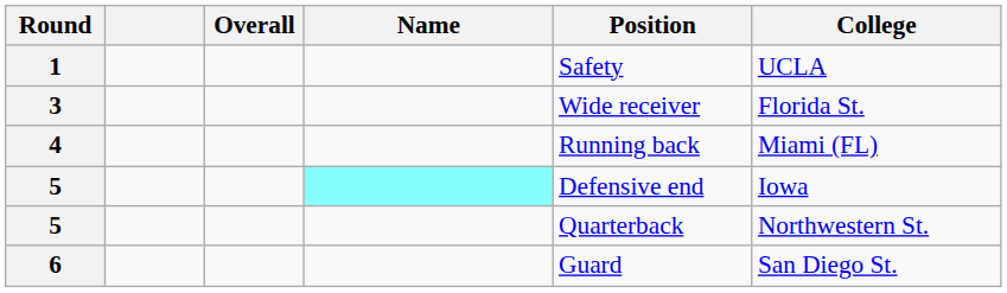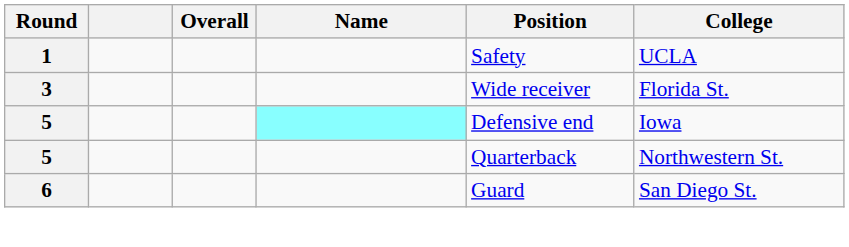 <table class="wikitable sortable" style="width: 50%;">
 <tr>
 <th scope="col" style="width: 10%;">Round</th>
 <th scope="col" style="width: 10%;"></th>
 <th scope="col" style="width: 10%;">Overall</th>
 <th scope="col" style="width: 25%;">Name</th>
 <th scope="col" style="width: 20%;">Position</th>
 <th scope="col" style="width: 25%;">College</th>
 </tr>
 <tr>
 <th scope="row">1</th>
 <td></td>
 <td></td>
 <td></td>
 <td><a href='#'>Safety</a></td>
 <td><a href='#'>UCLA</a></td>
 </tr>
 <tr>
 <th scope="row">3</th>
 <td></td>
 <td></td>
 <td></td>
 <td><a href='#'>Wide receiver</a></td>
 <td><a href='#'>Florida St.</a></td>
 </tr>
 <tr>
-<th scope="row">4</th>
-<td></td>
-<td></td>
-<td></td>
-<td><a href='#'>Running back</a></td>
-<td><a href='#'>Miami (FL)</a></td>
-</tr>
-<tr>
 <th scope="row">5</th>
 <td></td>
 <td></td>
 <td style="background:#88FFFF;"> <sup></sup></td>
 <td><a href='#'>Defensive end</a></td>
 <td><a href='#'>Iowa</a></td>
 </tr>
 <tr>
 <th scope="row">5</th>
 <td></td>
 <td></td>
 <td></td>
 <td><a href='#'>Quarterback</a></td>
 <td><a href='#'>Northwestern St.</a></td>
 </tr>
 <tr>
 <th scope="row">6</th>
 <td></td>
 <td></td>
 <td></td>
 <td><a href='#'>Guard</a></td>
 <td><a href='#'>San Diego St.</a></td>
 </tr>
 </table>
